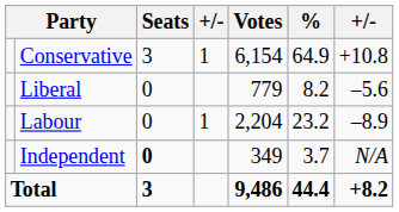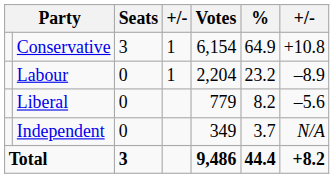 <table class="wikitable sortable">
 <tr>
 <th colspan="2">Party</th>
 <th>Seats</th>
 <th>+/-</th>
 <th>Votes</th>
 <th>%</th>
 <th>+/-</th>
 </tr>
 <tr>
 <td style="background-color: "></td>
 <td><a href='#'>Conservative</a></td>
 <td>3</td>
 <td> 1</td>
 <td style="text-align:right;">6,154</td>
 <td style="text-align:right;">64.9</td>
 <td style="text-align:right;">+10.8</td>
 </tr>
 <tr>
 <td style="background-color: "></td>
+<td><a href='#'>Labour</a></td>
+<td>0</td>
+<td> 1</td>
+<td style="text-align:right;">2,204</td>
+<td style="text-align:right;">23.2</td>
+<td style="text-align:right;">–8.9</td>
+</tr>
+<tr>
+<td style="background-color: "></td>
 <td><a href='#'>Liberal</a></td>
 <td>0</td>
 <td></td>
 <td style="text-align:right;">779</td>
 <td style="text-align:right;">8.2</td>
 <td style="text-align:right;">–5.6</td>
 </tr>
 <tr>
 <td style="background-color: "></td>
-<td><a href='#'>Labour</a></td>
+<td><a href='#'>Independent</a></td>
 <td>0</td>
-<td> 1</td>
-<td style="text-align:right;">2,204</td>
-<td style="text-align:right;">23.2</td>
-<td style="text-align:right;">–8.9</td>
-</tr>
-<tr>
-<td style="background-color: "></td>
-<td><a href='#'>Independent</a></td>
-<td><strong>0</strong></td>
 <td></td>
 <td style="text-align:right;">349</td>
 <td style="text-align:right;">3.7</td>
 <td style="text-align:right;"><em>N/A</em></td>
 </tr>
 <tr>
 <td colspan="2"><strong>Total</strong></td>
 <td><strong>3</strong></td>
 <td></td>
 <td style="text-align:right;"><strong>9,486</strong></td>
 <td style="text-align:right;"><strong>44.4</strong></td>
 <td style="text-align:right;"><strong>+8.2</strong></td>
 </tr>
 </table>
